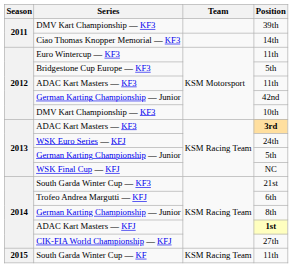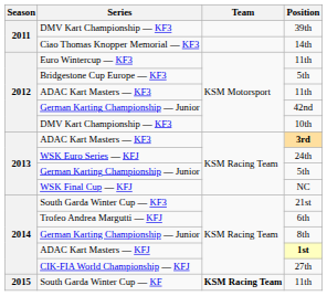 <table class="wikitable" style="font-size: 85%; text-align:center">
 <tr>
 <th>Season</th>
 <th>Series</th>
 <th>Team</th>
 <th>Position</th>
 </tr>
 <tr>
 <th rowspan="2">2011</th>
 <td align="left">DMV Kart Championship — <a href='#'>KF3</a></td>
 <td align="left"></td>
 <td>39th</td>
 </tr>
 <tr>
 <td align="left">Ciao Thomas Knopper Memorial — <a href='#'>KF3</a></td>
 <td></td>
 <td>14th</td>
 </tr>
 <tr>
 <th rowspan="5">2012</th>
 <td align="left">Euro Wintercup — <a href='#'>KF3</a></td>
 <td rowspan="5"  align="left">KSM Motorsport</td>
 <td>11th</td>
 </tr>
 <tr>
 <td align="left">Bridgestone Cup Europe — <a href='#'>KF3</a></td>
 <td>5th</td>
 </tr>
 <tr>
 <td align="left">ADAC Kart Masters — <a href='#'>KF3</a></td>
 <td>11th</td>
 </tr>
 <tr>
 <td align="left"><a href='#'>German Karting Championship</a> — Junior</td>
 <td>42nd</td>
 </tr>
 <tr>
 <td align="left">DMV Kart Championship — <a href='#'>KF3</a></td>
 <td>10th</td>
 </tr>
 <tr>
 <th rowspan="4">2013</th>
 <td align="left">ADAC Kart Masters — <a href='#'>KF3</a></td>
 <td rowspan="4" align="left">KSM Racing Team</td>
 <td style="background:#FFDF9F;"><strong>3rd</strong></td>
 </tr>
 <tr>
 <td align="left"><a href='#'>WSK Euro Series</a> — <a href='#'>KFJ</a></td>
 <td>24th</td>
 </tr>
 <tr>
 <td align="left"><a href='#'>German Karting Championship</a> — Junior</td>
 <td>5th</td>
 </tr>
 <tr>
 <td align="left"><a href='#'>WSK Final Cup</a> — <a href='#'>KFJ</a></td>
 <td>NC</td>
 </tr>
 <tr>
 <th rowspan="5">2014</th>
 <td align="left">South Garda Winter Cup — <a href='#'>KF3</a></td>
 <td rowspan="5"  align="left">KSM Racing Team</td>
 <td>21st</td>
 </tr>
 <tr>
 <td align="left">Trofeo Andrea Margutti — <a href='#'>KFJ</a></td>
 <td>6th</td>
 </tr>
 <tr>
 <td align="left"><a href='#'>German Karting Championship</a> — Junior</td>
 <td>8th</td>
 </tr>
 <tr>
 <td align="left">ADAC Kart Masters — <a href='#'>KFJ</a></td>
 <td style="background:#FFFFBF;"><strong>1st</strong></td>
 </tr>
 <tr>
 <td align="left"><a href='#'>CIK-FIA World Championship</a> — <a href='#'>KFJ</a></td>
 <td>27th</td>
 </tr>
 <tr>
 <th>2015</th>
 <td align="left">South Garda Winter Cup — <a href='#'>KF</a></td>
-<td align="left">KSM Racing Team</td>
+<td align="left"><strong>KSM Racing Team</strong></td>
 <td>11th</td>
 </tr>
 </table>
